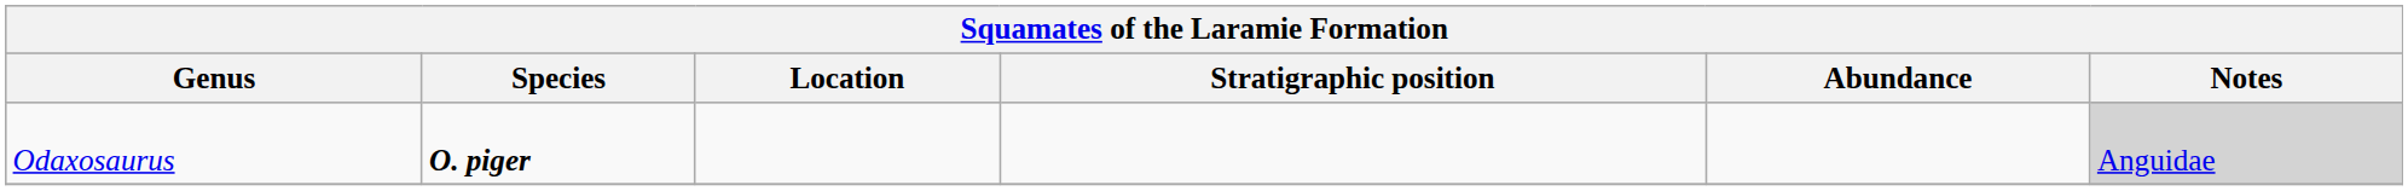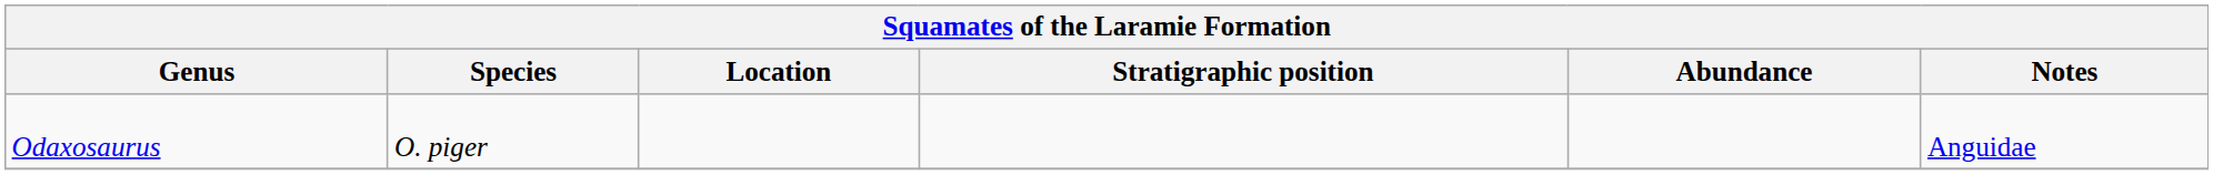 <table class="wikitable" align="center" width="100%">
 <tr>
 <th colspan="7" align="center"><strong><a href='#'>Squamates</a> of the Laramie Formation</strong></th>
 </tr>
 <tr>
 <th>Genus</th>
 <th>Species</th>
 <th>Location</th>
 <th>Stratigraphic position</th>
 <th>Abundance</th>
 <th>Notes<br></th>
 </tr>
 <tr>
 <td><br><em><a href='#'>Odaxosaurus</a></em></td>
-<td><strong><br><em>O. piger</em></strong></td>
+<td><br><em>O. piger</em></td>
 <td></td>
 <td></td>
 <td></td>
-<td style="background: lightgrey;"><br><a href='#'>Anguidae</a> </td>
+<td><br><a href='#'>Anguidae</a> </td>
 </tr>
 <tr>
 </tr>
 </table>
